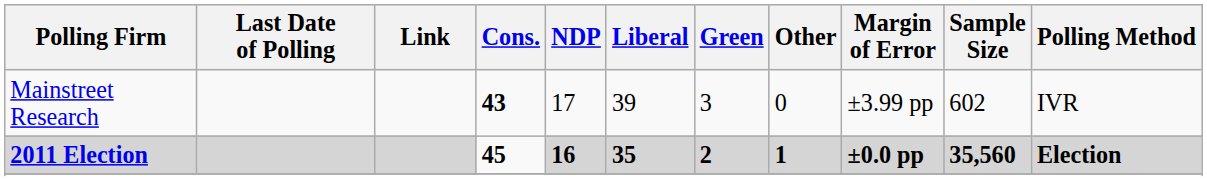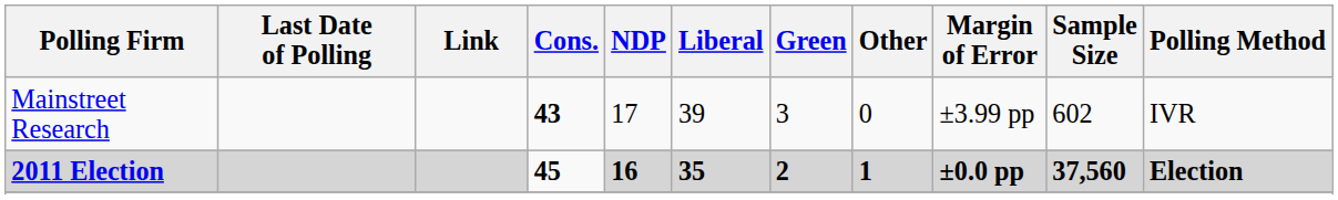 <table class="wikitable sortable">
 <tr style="background:#e9e9e9;">
 <th style="width:120px">Polling Firm</th>
 <th style="width:110px">Last Date<br>of Polling</th>
 <th style="width:60px" class="unsortable">Link</th>
 <th style="background-color:"><strong><a href='#'>Cons.</a></strong></th>
 <th style="background-color:"><strong><a href='#'>NDP</a></strong></th>
 <th style="background-color:"><strong><a href='#'>Liberal</a></strong></th>
 <th style="background-color:"><strong><a href='#'>Green</a></strong></th>
 <th style="background-color:"><strong>Other</strong></th>
 <th style="width:60px;" class=unsortable>Margin<br>of Error</th>
 <th style="width:50px;" class=unsortable>Sample<br>Size</th>
 <th class=unsortable>Polling Method</th>
 </tr>
 <tr>
 <td><a href='#'>Mainstreet Research</a></td>
 <td></td>
 <td></td>
 <td><strong>43</strong></td>
 <td>17</td>
 <td>39</td>
 <td>3</td>
 <td>0</td>
 <td>±3.99 pp</td>
 <td>602</td>
 <td>IVR</td>
 </tr>
 <tr>
 <td style="background:#D5D5D5"><strong><a href='#'>2011 Election</a></strong></td>
 <td style="background:#D5D5D5"><strong></strong></td>
 <td style="background:#D5D5D5"></td>
 <td><strong>45</strong></td>
 <td style="background:#D5D5D5"><strong>16</strong></td>
 <td style="background:#D5D5D5"><strong>35</strong></td>
 <td style="background:#D5D5D5"><strong>2</strong></td>
 <td style="background:#D5D5D5"><strong>1</strong></td>
 <td style="background:#D5D5D5"><strong>±0.0 pp</strong></td>
-<td style="background:#D5D5D5"><strong>35,560</strong></td>
+<td style="background:#D5D5D5"><strong>37,560</strong></td>
 <td style="background:#D5D5D5"><strong>Election</strong></td>
 </tr>
 <tr>
 </tr>
 <tr>
 </tr>
 </table>
